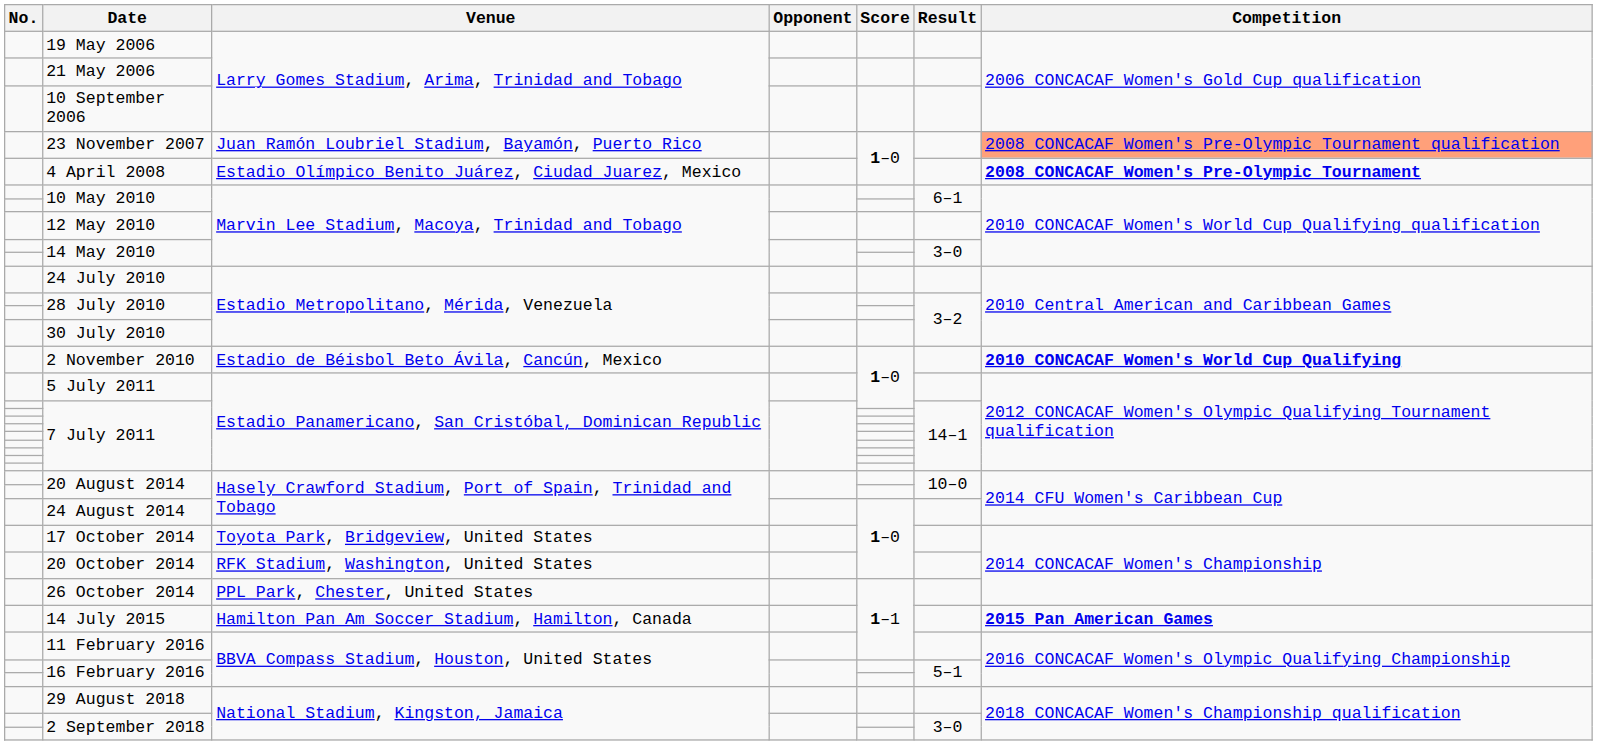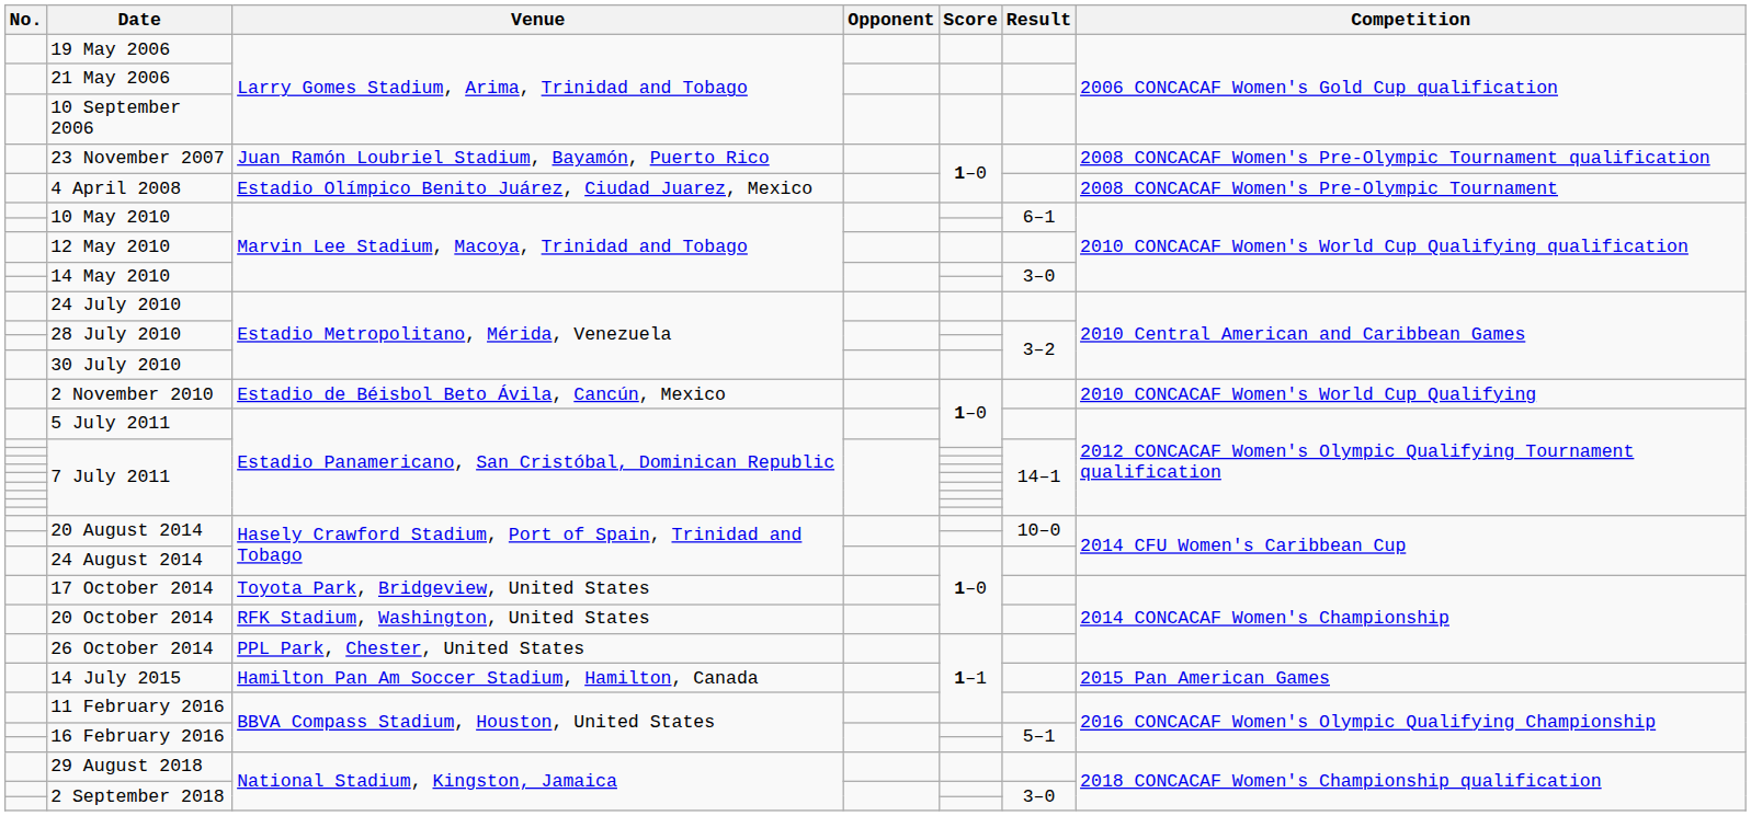 <table class="wikitable">
 <tr>
 <th>No.</th>
 <th>Date</th>
 <th>Venue</th>
 <th>Opponent</th>
 <th>Score</th>
 <th>Result</th>
 <th>Competition</th>
 </tr>
 <tr>
 <td></td>
 <td>19 May 2006</td>
 <td rowspan=3><a href='#'>Larry Gomes Stadium</a>, <a href='#'>Arima</a>, <a href='#'>Trinidad and Tobago</a></td>
 <td></td>
 <td></td>
 <td></td>
 <td rowspan=3><a href='#'>2006 CONCACAF Women's Gold Cup qualification</a></td>
 </tr>
 <tr>
 <td></td>
 <td>21 May 2006</td>
 <td></td>
 <td></td>
 <td></td>
 </tr>
 <tr>
 <td></td>
 <td>10 September 2006</td>
 <td></td>
 <td></td>
 <td></td>
 </tr>
 <tr>
 <td></td>
 <td>23 November 2007</td>
 <td><a href='#'>Juan Ramón Loubriel Stadium</a>, <a href='#'>Bayamón</a>, <a href='#'>Puerto Rico</a></td>
 <td></td>
 <td rowspan=2 style="text-align:center;"><strong>1</strong>–0</td>
 <td></td>
-<td style="background: lightsalmon;"><a href='#'>2008 CONCACAF Women's Pre-Olympic Tournament qualification</a></td>
+<td><a href='#'>2008 CONCACAF Women's Pre-Olympic Tournament qualification</a></td>
 </tr>
 <tr>
 <td></td>
 <td>4 April 2008</td>
 <td><a href='#'>Estadio Olímpico Benito Juárez</a>, <a href='#'>Ciudad Juarez</a>, Mexico</td>
 <td></td>
 <td></td>
-<td><strong><a href='#'>2008 CONCACAF Women's Pre-Olympic Tournament</a></strong></td>
+<td><a href='#'>2008 CONCACAF Women's Pre-Olympic Tournament</a></td>
 </tr>
 <tr>
 <td></td>
 <td rowspan=2>10 May 2010</td>
 <td rowspan=5><a href='#'>Marvin Lee Stadium</a>, <a href='#'>Macoya</a>, <a href='#'>Trinidad and Tobago</a></td>
 <td rowspan=2></td>
 <td></td>
 <td rowspan=2 style="text-align:center;">6–1</td>
 <td rowspan=5><a href='#'>2010 CONCACAF Women's World Cup Qualifying qualification</a></td>
 </tr>
 <tr>
 <td></td>
 <td></td>
 </tr>
 <tr>
 <td></td>
 <td>12 May 2010</td>
 <td></td>
 <td></td>
 <td></td>
 </tr>
 <tr>
 <td></td>
 <td rowspan=2>14 May 2010</td>
 <td rowspan=2></td>
 <td></td>
 <td rowspan=2 style="text-align:center;">3–0</td>
 </tr>
 <tr>
 <td></td>
 <td></td>
 </tr>
 <tr>
 <td></td>
 <td>24 July 2010</td>
 <td rowspan=4><a href='#'>Estadio Metropolitano</a>, <a href='#'>Mérida</a>, Venezuela</td>
 <td></td>
 <td></td>
 <td></td>
 <td rowspan=4><a href='#'>2010 Central American and Caribbean Games</a></td>
 </tr>
 <tr>
 <td></td>
 <td rowspan=2>28 July 2010</td>
 <td rowspan=2></td>
 <td></td>
 <td rowspan=3 style="text-align:center;">3–2</td>
 </tr>
 <tr>
 <td></td>
 <td></td>
 </tr>
 <tr>
 <td></td>
 <td>30 July 2010</td>
 <td></td>
 <td></td>
 </tr>
 <tr>
 <td></td>
 <td>2 November 2010</td>
 <td><a href='#'>Estadio de Béisbol Beto Ávila</a>, <a href='#'>Cancún</a>, Mexico</td>
 <td></td>
 <td rowspan=3 style="text-align:center;"><strong>1</strong>–0</td>
 <td></td>
-<td><strong><a href='#'>2010 CONCACAF Women's World Cup Qualifying</a></strong></td>
+<td><a href='#'>2010 CONCACAF Women's World Cup Qualifying</a></td>
 </tr>
 <tr>
 <td></td>
 <td>5 July 2011</td>
 <td rowspan=10><a href='#'>Estadio Panamericano</a>, <a href='#'>San Cristóbal, Dominican Republic</a></td>
 <td></td>
 <td></td>
 <td rowspan=10><a href='#'>2012 CONCACAF Women's Olympic Qualifying Tournament qualification</a></td>
 </tr>
 <tr>
 <td></td>
 <td rowspan=9>7 July 2011</td>
 <td rowspan=9></td>
 <td rowspan=9 style="text-align:center;">14–1</td>
 </tr>
 <tr>
 <td></td>
 <td></td>
 </tr>
 <tr>
 <td></td>
 <td></td>
 </tr>
 <tr>
 <td></td>
 <td></td>
 </tr>
 <tr>
 <td></td>
 <td></td>
 </tr>
 <tr>
 <td></td>
 <td></td>
 </tr>
 <tr>
 <td></td>
 <td></td>
 </tr>
 <tr>
 <td></td>
 <td></td>
 </tr>
 <tr>
 <td></td>
 <td></td>
 </tr>
 <tr>
 <td></td>
 <td rowspan=2>20 August 2014</td>
 <td rowspan=3><a href='#'>Hasely Crawford Stadium</a>, <a href='#'>Port of Spain</a>, <a href='#'>Trinidad and Tobago</a></td>
 <td rowspan=2></td>
 <td></td>
 <td rowspan=2 style="text-align:center;">10–0</td>
 <td rowspan=3><a href='#'>2014 CFU Women's Caribbean Cup</a></td>
 </tr>
 <tr>
 <td></td>
 <td></td>
 </tr>
 <tr>
 <td></td>
 <td>24 August 2014</td>
 <td></td>
 <td rowspan=3 style="text-align:center;"><strong>1</strong>–0</td>
 <td></td>
 </tr>
 <tr>
 <td></td>
 <td>17 October 2014</td>
 <td><a href='#'>Toyota Park</a>, <a href='#'>Bridgeview</a>, United States</td>
 <td></td>
 <td></td>
 <td rowspan=3><a href='#'>2014 CONCACAF Women's Championship</a></td>
 </tr>
 <tr>
 <td></td>
 <td>20 October 2014</td>
 <td><a href='#'>RFK Stadium</a>, <a href='#'>Washington</a>, United States</td>
 <td></td>
 <td></td>
 </tr>
 <tr>
 <td></td>
 <td>26 October 2014</td>
 <td><a href='#'>PPL Park</a>, <a href='#'>Chester</a>, United States</td>
 <td></td>
 <td rowspan=3 style="text-align:center;"><strong>1</strong>–1</td>
 <td></td>
 </tr>
 <tr>
 <td></td>
 <td>14 July 2015</td>
 <td><a href='#'>Hamilton Pan Am Soccer Stadium</a>, <a href='#'>Hamilton</a>, Canada</td>
 <td></td>
 <td></td>
-<td><strong><a href='#'>2015 Pan American Games</a></strong></td>
+<td><a href='#'>2015 Pan American Games</a></td>
 </tr>
 <tr>
 <td></td>
 <td>11 February 2016</td>
 <td rowspan=3><a href='#'>BBVA Compass Stadium</a>, <a href='#'>Houston</a>, United States</td>
 <td></td>
 <td></td>
 <td rowspan=3><a href='#'>2016 CONCACAF Women's Olympic Qualifying Championship</a></td>
 </tr>
 <tr>
 <td></td>
 <td rowspan=2>16 February 2016</td>
 <td rowspan=2></td>
 <td></td>
 <td rowspan=2 style="text-align:center;">5–1</td>
 </tr>
 <tr>
 <td></td>
 <td></td>
 </tr>
 <tr>
 <td></td>
 <td>29 August 2018</td>
 <td rowspan=3><a href='#'>National Stadium</a>, <a href='#'>Kingston, Jamaica</a></td>
 <td></td>
 <td></td>
 <td></td>
 <td rowspan=3><a href='#'>2018 CONCACAF Women's Championship qualification</a></td>
 </tr>
 <tr>
 <td></td>
 <td rowspan=2>2 September 2018</td>
 <td rowspan=2></td>
 <td></td>
 <td rowspan=2 style="text-align:center;">3–0</td>
 </tr>
 <tr>
 <td></td>
 <td></td>
 </tr>
 </table>
